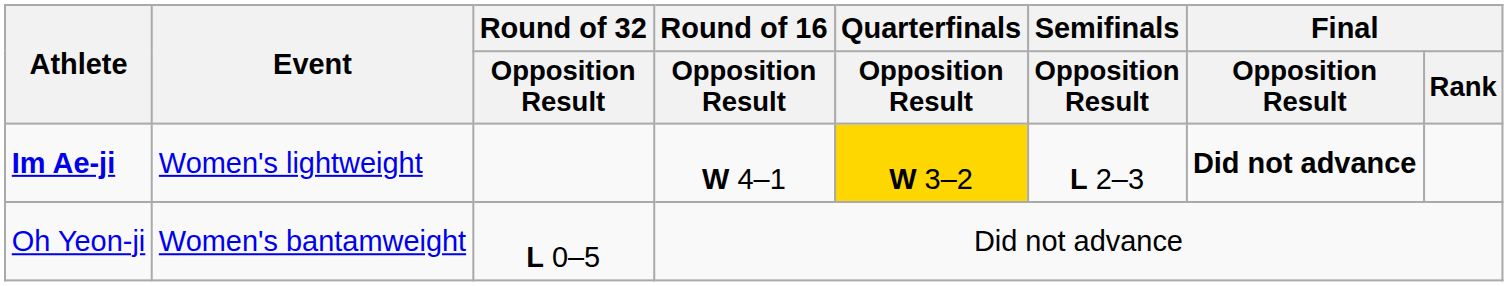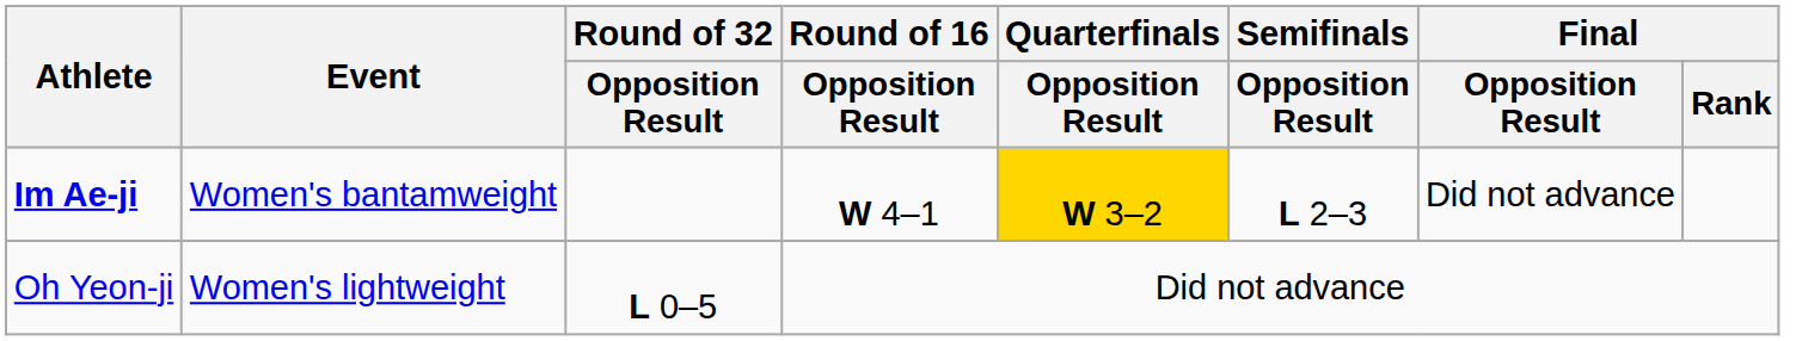 <table class="wikitable" style="font-size:90%">
 <tr>
 <th rowspan="2">Athlete</th>
 <th rowspan="2">Event</th>
 <th>Round of 32</th>
 <th>Round of 16</th>
 <th>Quarterfinals</th>
 <th>Semifinals</th>
 <th colspan=2>Final</th>
 </tr>
 <tr style="font-size:95%">
 <th>Opposition<br>Result</th>
 <th>Opposition<br>Result</th>
 <th>Opposition<br>Result</th>
 <th>Opposition<br>Result</th>
 <th>Opposition<br>Result</th>
 <th>Rank</th>
 </tr>
 <tr align=center>
 <td align=left><strong><a href='#'>Im Ae-ji</a></strong></td>
-<td align=left><a href='#'>Women's lightweight</a></td>
+<td align=left><a href='#'>Women's bantamweight</a></td>
 <td></td>
 <td><br><strong>W</strong> 4–1</td>
 <td style="background: gold;"><br><strong>W</strong> 3–2</td>
 <td><br><strong>L</strong> 2–3</td>
-<td><strong>Did not advance</strong></td>
+<td>Did not advance</td>
 <td></td>
 </tr>
 <tr align=center>
 <td align=left><a href='#'>Oh Yeon-ji</a></td>
-<td align=left><a href='#'>Women's bantamweight</a></td>
+<td align=left><a href='#'>Women's lightweight</a></td>
 <td><br><strong>L</strong> 0–5</td>
 <td colspan=6>Did not advance</td>
 </tr>
 </table>
